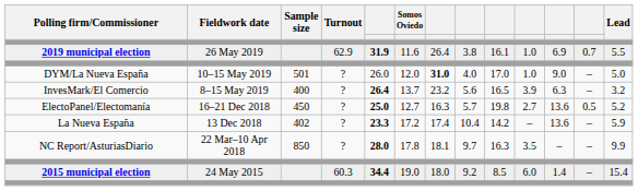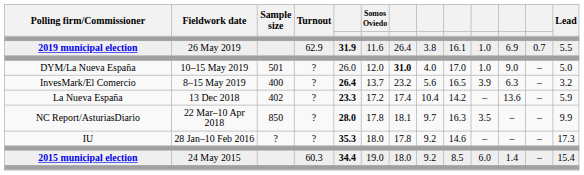 <table class="wikitable collapsible collapsed" style="text-align:center; font-size:95%; line-height:16px;">
 <tr style="height:42px;">
 <th style="width:250px;" rowspan="2">Polling firm/Commissioner</th>
 <th style="width:125px;" rowspan="2">Fieldwork date</th>
 <th style="width:50px;" rowspan="2">Sample size</th>
 <th style="width:45px;" rowspan="2">Turnout</th>
 <th style="width:35px;"></th>
 <th style="width:35px; font-size:80%;">Somos<br>Oviedo</th>
 <th style="width:35px;"></th>
 <th style="width:35px;"></th>
 <th style="width:35px;"></th>
 <th style="width:35px;"></th>
 <th style="width:35px;"></th>
 <th style="width:35px;"></th>
 <th style="width:30px;" rowspan="2">Lead</th>
 </tr>
 <tr>
 <th style="color:inherit;background:"></th>
 <th style="color:inherit;background:"></th>
 <th style="color:inherit;background:"></th>
 <th style="color:inherit;background:"></th>
 <th style="color:inherit;background:"></th>
 <th style="color:inherit;background:"></th>
 <th style="color:inherit;background:"></th>
 <th style="color:inherit;background:"></th>
 </tr>
 <tr>
 <td colspan="13" style="background:#A0A0A0"></td>
 </tr>
 <tr style="background:#EFEFEF;">
 <td><strong><a href='#'>2019 municipal election</a></strong></td>
 <td>26 May 2019</td>
 <td></td>
 <td>62.9</td>
 <td><strong>31.9</strong><br></td>
 <td>11.6<br></td>
 <td>26.4<br></td>
 <td>3.8<br></td>
 <td>16.1<br></td>
 <td>1.0<br></td>
 <td>6.9<br></td>
 <td>0.7<br></td>
 <td style="background:">5.5</td>
 </tr>
 <tr>
 <td colspan="13" style="background:#A0A0A0"></td>
 </tr>
 <tr>
 <td>DYM/La Nueva España</td>
 <td>10–15 May 2019</td>
 <td>501</td>
 <td>?</td>
 <td>26.0<br></td>
 <td>12.0<br></td>
 <td><strong>31.0</strong><br></td>
 <td>4.0<br></td>
 <td>17.0<br></td>
 <td>1.0<br></td>
 <td>9.0<br></td>
 <td>–</td>
 <td style="background:">5.0</td>
 </tr>
 <tr>
 <td>InvesMark/El Comercio</td>
 <td>8–15 May 2019</td>
 <td>400</td>
 <td>?</td>
 <td><strong>26.4</strong><br></td>
 <td>13.7<br></td>
 <td>23.2<br></td>
 <td>5.6<br></td>
 <td>16.5<br></td>
 <td>3.9<br></td>
 <td>6.3<br></td>
 <td>–</td>
 <td style="background:">3.2</td>
 </tr>
 <tr>
-<td>ElectoPanel/Electomanía</td>
-<td>16–21 Dec 2018</td>
-<td>450</td>
-<td>?</td>
-<td><strong>25.0</strong><br></td>
-<td>12.7<br></td>
-<td>16.3<br></td>
-<td>5.7<br></td>
-<td>19.8<br></td>
-<td>2.7<br></td>
-<td>13.6<br></td>
-<td>0.5<br></td>
-<td style="background:">5.2</td>
-</tr>
-<tr>
 <td>La Nueva España</td>
 <td>13 Dec 2018</td>
 <td>402</td>
 <td>?</td>
 <td><strong>23.3</strong><br></td>
 <td>17.2<br></td>
 <td>17.4<br></td>
 <td>10.4<br></td>
 <td>14.2<br></td>
 <td>–</td>
 <td>13.6<br></td>
 <td>–</td>
 <td style="background:">5.9</td>
 </tr>
 <tr>
 <td>NC Report/AsturiasDiario</td>
 <td>22 Mar–10 Apr 2018</td>
 <td>850</td>
 <td>?</td>
 <td><strong>28.0</strong><br></td>
 <td>17.8<br></td>
 <td>18.1<br></td>
 <td>9.7<br></td>
 <td>16.3<br></td>
 <td>3.5<br></td>
 <td>–</td>
 <td>–</td>
 <td style="background:">9.9</td>
 </tr>
 <tr>
+<td>IU</td>
+<td>28 Jan–10 Feb 2016</td>
+<td>?</td>
+<td>?</td>
+<td><strong>35.3</strong></td>
+<td>18.0</td>
+<td>17.8</td>
+<td>9.2</td>
+<td>14.6</td>
+<td>–</td>
+<td>–</td>
+<td>–</td>
+<td style="background:">17.3</td>
+</tr>
+<tr>
 <td colspan="13" style="background:#A0A0A0"></td>
 </tr>
 <tr style="background:#EFEFEF;">
 <td><strong><a href='#'>2015 municipal election</a></strong></td>
 <td>24 May 2015</td>
 <td></td>
 <td>60.3</td>
 <td><strong>34.4</strong><br></td>
 <td>19.0<br></td>
 <td>18.0<br></td>
 <td>9.2<br></td>
 <td>8.5<br></td>
 <td>6.0<br></td>
 <td>1.4<br></td>
 <td>–</td>
 <td style="background:">15.4</td>
 </tr>
 <tr>
 <td colspan="13" style="background:#A0A0A0"></td>
 </tr>
 </table>
